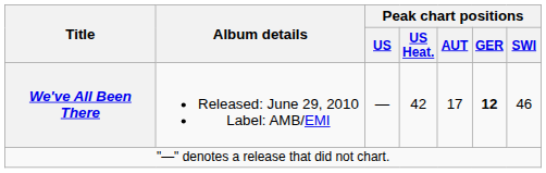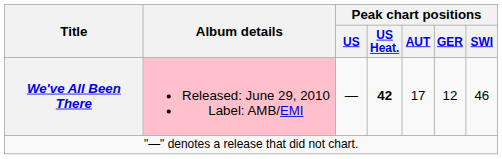 <table class="wikitable plainrowheaders" style="text-align:center;" border="1">
 <tr>
 <th scope="col" rowspan="2" style="width:10em;">Title</th>
 <th scope="col" rowspan="2" style="width:14em;">Album details</th>
 <th scope="col" colspan="5">Peak chart positions</th>
 </tr>
 <tr>
 <th scope="col" style="width:2.2em;font-size:90%;"><a href='#'>US</a></th>
 <th scope="col" style="width:2.2em;font-size:90%;"><a href='#'>US Heat.</a></th>
 <th scope="col" style="width:2.2em;font-size:90%;"><a href='#'>AUT</a></th>
 <th scope="col" style="width:2.2em;font-size:90%;"><a href='#'>GER</a></th>
 <th scope="col" style="width:2.2em;font-size:90%;"><a href='#'>SWI</a></th>
 </tr>
 <tr>
 <th scope="row"><em><a href='#'>We've All Been There</a></em></th>
-<td><br><ul><li>Released: June 29, 2010</li><li>Label: AMB/<a href='#'>EMI</a></li></ul></td>
+<td style="background: pink;"><br><ul><li>Released: June 29, 2010</li><li>Label: AMB/<a href='#'>EMI</a></li></ul></td>
 <td>—</td>
-<td>42</td>
+<td><strong>42</strong></td>
 <td>17</td>
-<td><strong>12</strong></td>
+<td>12</td>
 <td>46</td>
 </tr>
 <tr>
 <td colspan="7" style="font-size:90%">"—" denotes a release that did not chart.</td>
 </tr>
 </table>
